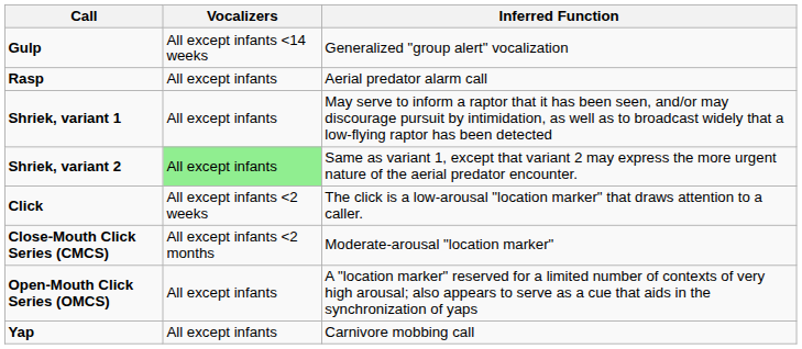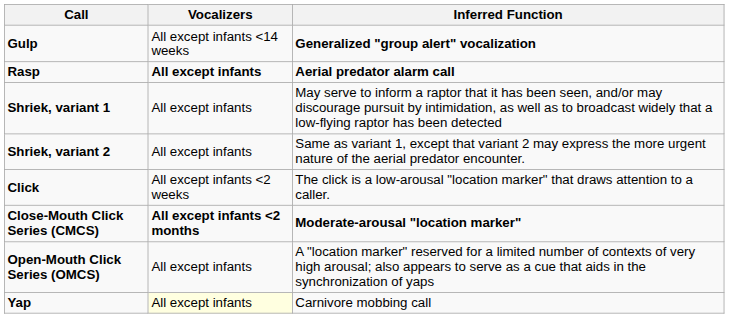 <table class="wikitable">
 <tr>
 <th width="18%">Call</th>
 <th width="18%">Vocalizers</th>
 <th width="54%">Inferred Function</th>
 </tr>
 <tr>
 <td><strong>Gulp</strong><br></td>
 <td>All except infants <14 weeks</td>
-<td>Generalized "group alert" vocalization</td>
+<td><strong>Generalized "group alert" vocalization</strong></td>
 </tr>
 <tr>
 <td><strong>Rasp</strong><br></td>
-<td>All except infants</td>
-<td>Aerial predator alarm call</td>
+<td><strong>All except infants</strong></td>
+<td><strong>Aerial predator alarm call</strong></td>
 </tr>
 <tr>
 <td><strong>Shriek, variant 1</strong><br></td>
 <td>All except infants</td>
 <td>May serve to inform a raptor that it has been seen, and/or may discourage pursuit by intimidation, as well as to broadcast widely that a low-flying raptor has been detected</td>
 </tr>
 <tr>
 <td><strong>Shriek, variant 2</strong><br></td>
-<td style="background: lightgreen;">All except infants</td>
+<td>All except infants</td>
 <td>Same as variant 1, except that variant 2 may express the more urgent nature of the aerial predator encounter.</td>
 </tr>
 <tr>
 <td><strong>Click</strong><br></td>
 <td>All except infants <2 weeks</td>
 <td>The click is a low-arousal "location marker" that draws attention to a caller.</td>
 </tr>
 <tr>
 <td><strong>Close-Mouth Click Series (CMCS)</strong><br></td>
-<td>All except infants <2 months</td>
-<td>Moderate-arousal "location marker"</td>
+<td><strong>All except infants <2 months</strong></td>
+<td><strong>Moderate-arousal "location marker"</strong></td>
 </tr>
 <tr>
 <td><strong>Open-Mouth Click Series (OMCS)</strong><br></td>
 <td>All except infants</td>
 <td>A "location marker" reserved for a limited number of contexts of very high arousal; also appears to serve as a cue that aids in the synchronization of yaps</td>
 </tr>
 <tr>
 <td><strong>Yap</strong><br></td>
-<td>All except infants</td>
+<td style="background: lightyellow;">All except infants</td>
 <td>Carnivore mobbing call</td>
 </tr>
 </table>
